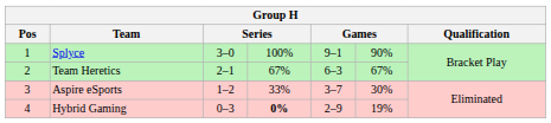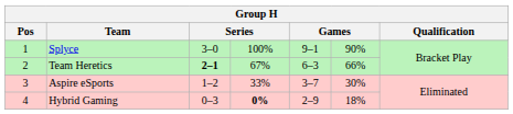 <table class="wikitable" style="display: inline-table; margin-left: 50px;width: 46.5%; ">
 <tr>
 <th colspan="7">Group H</th>
 </tr>
 <tr>
 <th>Pos</th>
 <th>Team</th>
 <th colspan="2">Series</th>
 <th colspan="2">Games</th>
 <th>Qualification</th>
 </tr>
 <tr>
 <td style="text-align:center; background:#BBF3BB;">1</td>
 <td style="text-align:left; background:#BBF3BB;"><a href='#'>Splyce</a></td>
 <td style="text-align:center; background:#BBF3BB;">3–0</td>
 <td style="text-align:center; background:#BBF3BB;">100%</td>
 <td style="text-align:center; background:#BBF3BB;">9–1</td>
 <td style="text-align:center; background:#BBF3BB;">90%</td>
 <td style="text-align:center; background:#BBF3BB;" rowspan="2">Bracket Play</td>
 </tr>
 <tr>
 <td style="text-align:center; background:#BBF3BB;">2</td>
 <td style="text-align:left; background:#BBF3BB;">Team Heretics</td>
-<td style="text-align:center; background:#BBF3BB;">2–1</td>
+<td style="text-align:center; background:#BBF3BB;"><strong>2–1</strong></td>
 <td style="text-align:center; background:#BBF3BB;">67%</td>
 <td style="text-align:center; background:#BBF3BB;">6–3</td>
-<td style="text-align:center; background:#BBF3BB;">67%</td>
+<td style="text-align:center; background:#BBF3BB;">66%</td>
 </tr>
 <tr>
 <td style="text-align:center; background:#FFCCCC;">3</td>
 <td style="text-align:left; background:#FFCCCC;">Aspire eSports</td>
 <td style="text-align:center; background:#FFCCCC;">1–2</td>
 <td style="text-align:center; background:#FFCCCC;">33%</td>
 <td style="text-align:center; background:#FFCCCC;">3–7</td>
 <td style="text-align:center; background:#FFCCCC;">30%</td>
 <td style="text-align:center; background:#FFCCCC;" rowspan="2">Eliminated</td>
 </tr>
 <tr>
 <td style="text-align:center; background:#FFCCCC;">4</td>
 <td style="text-align:left; background:#FFCCCC;">Hybrid Gaming</td>
 <td style="text-align:center; background:#FFCCCC;">0–3</td>
 <td style="text-align:center; background:#FFCCCC;"><strong>0%</strong></td>
 <td style="text-align:center; background:#FFCCCC;">2–9</td>
-<td style="text-align:center; background:#FFCCCC;">19%</td>
+<td style="text-align:center; background:#FFCCCC;">18%</td>
 </tr>
 </table>
